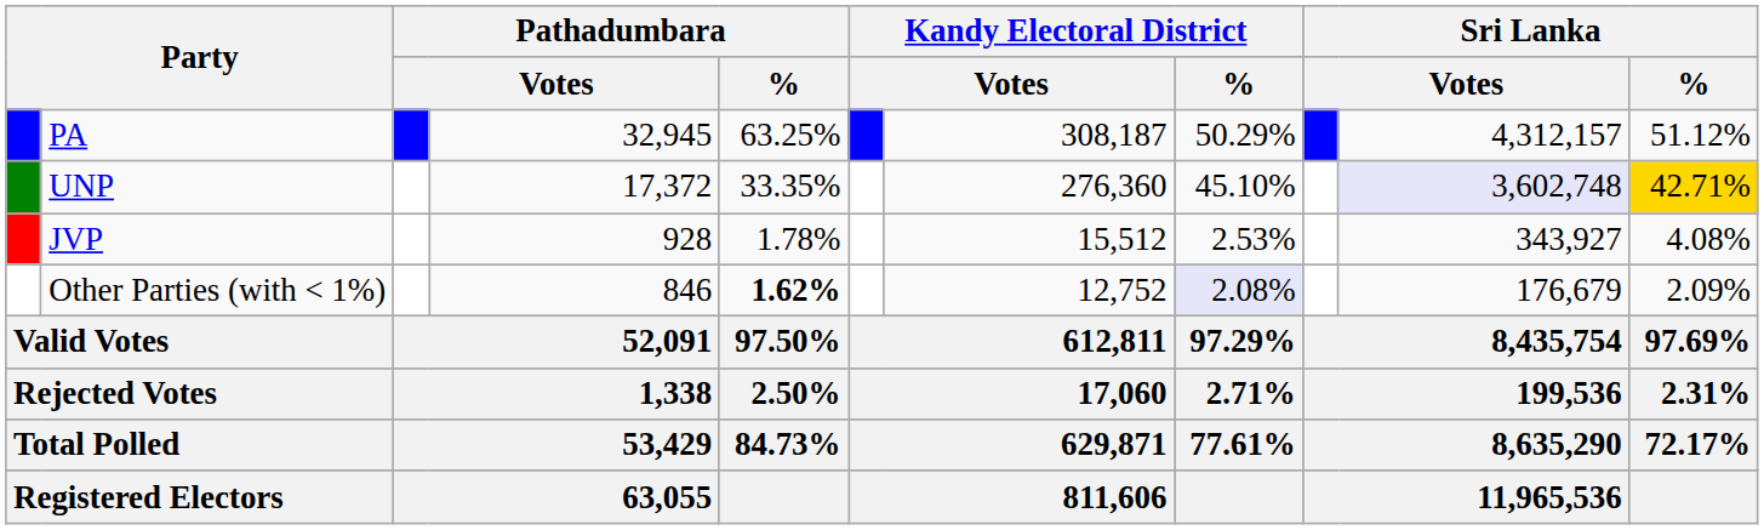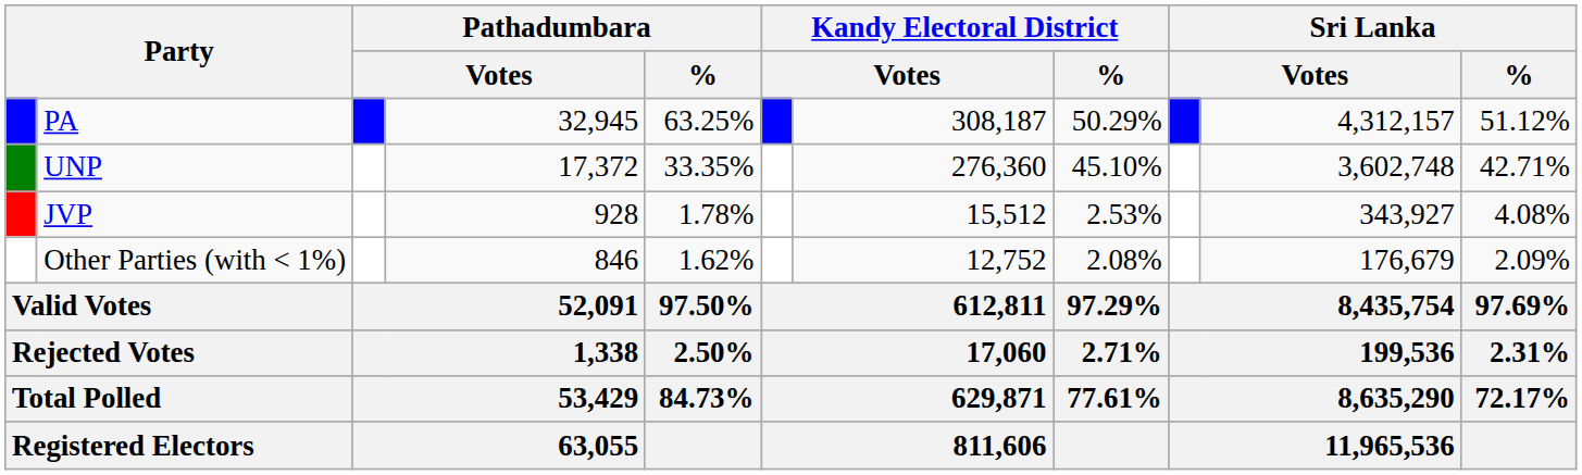 <table class="wikitable">
 <tr>
 <th colspan="2" width="144px"rowspan="2">Party</th>
 <th colspan="3" width="216px">Pathadumbara</th>
 <th colspan="3" width="216px"><a href='#'>Kandy Electoral District</a></th>
 <th colspan="3" width="216px">Sri Lanka</th>
 </tr>
 <tr>
 <th colspan="2" width="144px">Votes</th>
 <th>%</th>
 <th colspan="2" width="144px">Votes</th>
 <th>%</th>
 <th colspan="2" width="144px">Votes</th>
 <th>%</th>
 </tr>
 <tr>
 <td style="background-color:blue;" width="10px"></td>
 <td style="text-align:left;"><a href='#'>PA</a></td>
 <td style="background-color:blue;" width="10px"></td>
 <td style="text-align:right;">32,945</td>
 <td style="text-align:right;">63.25%</td>
 <td style="background-color:blue;" width="10px"></td>
 <td style="text-align:right;">308,187</td>
 <td style="text-align:right;">50.29%</td>
 <td style="background-color:blue;" width="10px"></td>
 <td style="text-align:right;">4,312,157</td>
 <td style="text-align:right;">51.12%</td>
 </tr>
 <tr>
 <td style="background-color:green;" width="10px"></td>
 <td style="text-align:left;"><a href='#'>UNP</a></td>
 <td style="background-color:white;" width="10px"></td>
 <td style="text-align:right;">17,372</td>
 <td style="text-align:right;">33.35%</td>
 <td style="background-color:white;" width="10px"></td>
 <td style="text-align:right;">276,360</td>
 <td style="text-align:right;">45.10%</td>
 <td style="background-color:white;" width="10px"></td>
-<td style="background: lavender; text-align:right;">3,602,748</td>
-<td style="background: gold; text-align:right;">42.71%</td>
+<td style="text-align:right;">3,602,748</td>
+<td style="text-align:right;">42.71%</td>
 </tr>
 <tr>
 <td style="background-color:red;" width="10px"></td>
 <td style="text-align:left;"><a href='#'>JVP</a></td>
 <td style="background-color:white;" width="10px"></td>
 <td style="text-align:right;">928</td>
 <td style="text-align:right;">1.78%</td>
 <td style="background-color:white;" width="10px"></td>
 <td style="text-align:right;">15,512</td>
 <td style="text-align:right;">2.53%</td>
 <td style="background-color:white;" width="10px"></td>
 <td style="text-align:right;">343,927</td>
 <td style="text-align:right;">4.08%</td>
 </tr>
 <tr>
 <td style="background-color:white;" width="10px"></td>
 <td style="text-align:left;">Other Parties (with < 1%)</td>
 <td style="background-color:white;" width="10px"></td>
 <td style="text-align:right;">846</td>
-<td style="text-align:right;"><strong>1.62%</strong></td>
+<td style="text-align:right;">1.62%</td>
 <td style="background-color:white;" width="10px"></td>
 <td style="text-align:right;">12,752</td>
-<td style="background: lavender; text-align:right;">2.08%</td>
+<td style="text-align:right;">2.08%</td>
 <td style="background-color:white;" width="10px"></td>
 <td style="text-align:right;">176,679</td>
 <td style="text-align:right;">2.09%</td>
 </tr>
 <tr>
 <th colspan="2" width="144px"style="text-align:left;">Valid Votes</th>
 <th style="text-align:right;"colspan="2" width="144px">52,091</th>
 <th style="text-align:right;">97.50%</th>
 <th style="text-align:right;"colspan="2" width="144px">612,811</th>
 <th style="text-align:right;">97.29%</th>
 <th style="text-align:right;"colspan="2" width="144px">8,435,754</th>
 <th style="text-align:right;">97.69%</th>
 </tr>
 <tr>
 <th colspan="2" width="144px"style="text-align:left;">Rejected Votes</th>
 <th style="text-align:right;"colspan="2" width="144px">1,338</th>
 <th style="text-align:right;">2.50%</th>
 <th style="text-align:right;"colspan="2" width="144px">17,060</th>
 <th style="text-align:right;">2.71%</th>
 <th style="text-align:right;"colspan="2" width="144px">199,536</th>
 <th style="text-align:right;">2.31%</th>
 </tr>
 <tr>
 <th colspan="2" width="144px"style="text-align:left;">Total Polled</th>
 <th style="text-align:right;"colspan="2" width="144px">53,429</th>
 <th style="text-align:right;">84.73%</th>
 <th style="text-align:right;"colspan="2" width="144px">629,871</th>
 <th style="text-align:right;">77.61%</th>
 <th style="text-align:right;"colspan="2" width="144px">8,635,290</th>
 <th style="text-align:right;">72.17%</th>
 </tr>
 <tr>
 <th colspan="2" width="144px"style="text-align:left;">Registered Electors</th>
 <th style="text-align:right;"colspan="2" width="144px">63,055</th>
 <th></th>
 <th style="text-align:right;"colspan="2" width="144px">811,606</th>
 <th></th>
 <th style="text-align:right;"colspan="2" width="144px">11,965,536</th>
 <th></th>
 </tr>
 </table>
